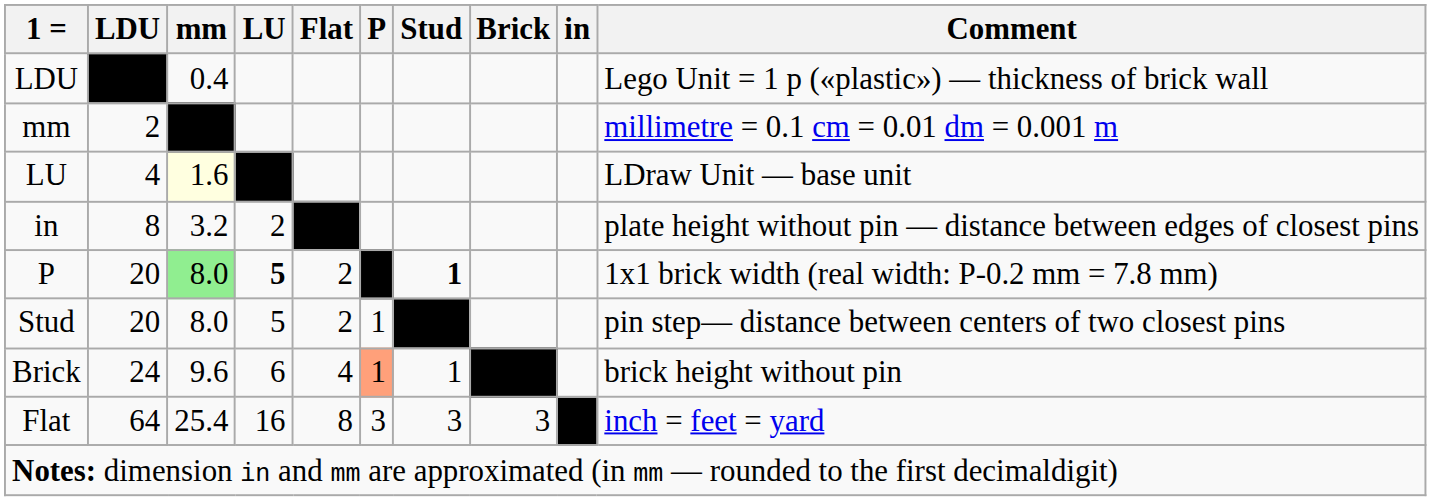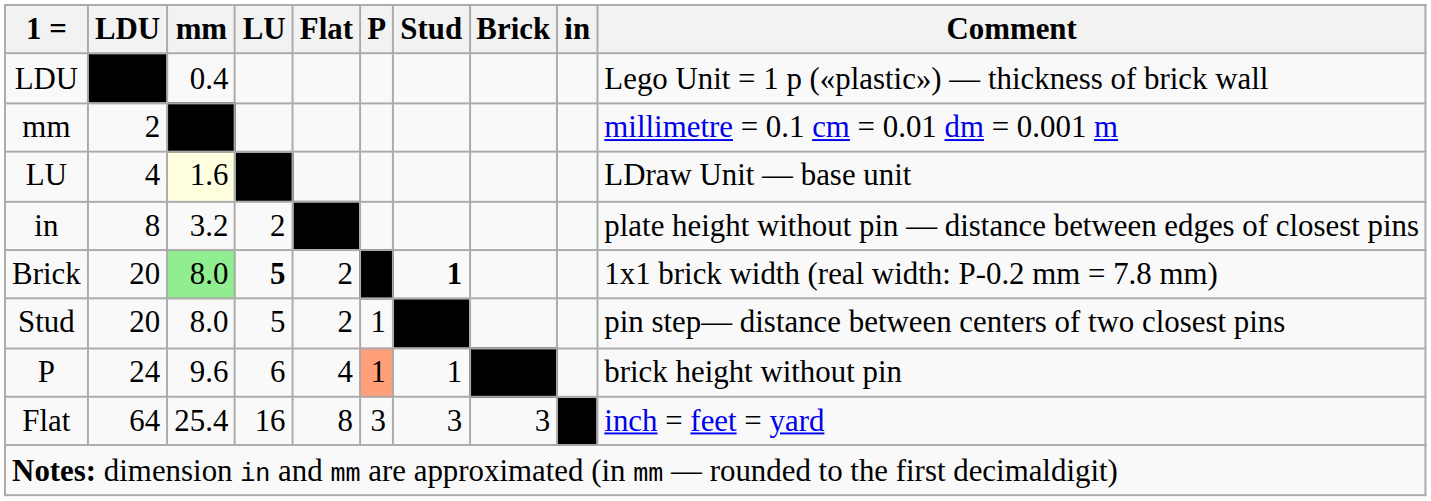 <table class="wikitable" style="text-align: right">
 <tr>
 <th>1 =</th>
 <th>LDU</th>
 <th>mm</th>
 <th>LU</th>
 <th>Flat</th>
 <th>P</th>
 <th>Stud</th>
 <th>Brick</th>
 <th>in</th>
 <th>Comment</th>
 </tr>
 <tr>
 <td style="text-align:center;">LDU</td>
 <td style="background:#000000;"></td>
 <td>0.4</td>
 <td></td>
 <td></td>
 <td></td>
 <td></td>
 <td></td>
 <td></td>
 <td style="text-align:left;">Lego Unit = 1 p («plastic») — thickness of brick wall</td>
 </tr>
 <tr>
 <td style="text-align:center;">mm</td>
 <td>2</td>
 <td style="background:#000000;"></td>
 <td></td>
 <td></td>
 <td></td>
 <td></td>
 <td></td>
 <td></td>
 <td style="text-align:left;"><a href='#'>millimetre</a> = 0.1 <a href='#'>cm</a> = 0.01 <a href='#'>dm</a> = 0.001 <a href='#'>m</a></td>
 </tr>
 <tr>
 <td style="text-align:center;">LU</td>
 <td>4</td>
 <td style="background: lightyellow;">1.6</td>
 <td style="background:#000000;"></td>
 <td></td>
 <td></td>
 <td></td>
 <td></td>
 <td></td>
 <td style="text-align:left;">LDraw Unit — base unit</td>
 </tr>
 <tr>
 <td style="text-align:center;">in</td>
 <td>8</td>
 <td>3.2</td>
 <td>2</td>
 <td style="background:#000000;"></td>
 <td></td>
 <td></td>
 <td></td>
 <td></td>
 <td style="text-align:left;">plate height without pin — distance between edges of closest pins</td>
 </tr>
 <tr>
-<td style="text-align:center;">P</td>
+<td>Brick</td>
 <td>20</td>
 <td style="background: lightgreen;">8.0</td>
 <td><strong>5</strong></td>
 <td>2</td>
 <td style="background:#000000;"></td>
 <td><strong>1</strong></td>
 <td></td>
 <td></td>
 <td style="text-align:left;">1x1 brick width (real width: P-0.2 mm = 7.8 mm)</td>
 </tr>
 <tr>
 <td style="text-align:center;">Stud</td>
 <td>20</td>
 <td>8.0</td>
 <td>5</td>
 <td>2</td>
 <td>1</td>
 <td style="background:#000000;"></td>
 <td></td>
 <td></td>
 <td style="text-align:left;">pin step— distance between centers of two closest pins</td>
 </tr>
 <tr>
-<td>Brick</td>
+<td style="text-align:center;">P</td>
 <td>24</td>
 <td>9.6</td>
 <td>6</td>
 <td>4</td>
 <td style="background: lightsalmon;">1</td>
 <td>1</td>
 <td style="background:#000000;"></td>
 <td></td>
 <td style="text-align:left;">brick height without pin</td>
 </tr>
 <tr>
 <td style="text-align:center;">Flat</td>
 <td>64</td>
 <td>25.4</td>
 <td>16</td>
 <td>8</td>
 <td>3</td>
 <td>3</td>
 <td>3</td>
 <td style="background:#000000;"></td>
 <td style="text-align:left;"><a href='#'>inch</a> =  <a href='#'>feet</a> =  <a href='#'>yard</a></td>
 </tr>
 <tr>
 <td colspan="10" style="text-align:left;"><strong>Notes:</strong> dimension <code>in</code> and <code>mm</code> are approximated (in <code>mm</code> — rounded to the first decimaldigit)</td>
 </tr>
 </table>
